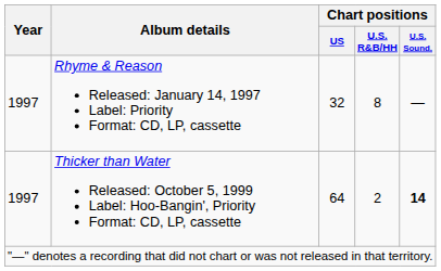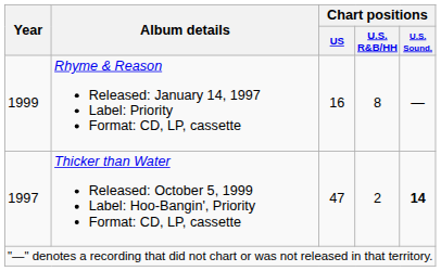 <table class="wikitable">
 <tr>
 <th rowspan="2">Year</th>
 <th rowspan="2">Album details</th>
 <th colspan="3">Chart positions</th>
 </tr>
 <tr>
 <th style="width:3em;font-size:75%"><a href='#'>US</a><br></th>
 <th style="width:3em;font-size:75%"><a href='#'>U.S.<br>R&B/HH</a><br></th>
 <th style="width:3em;font-size:75%"><small><a href='#'>U.S.<br>Sound.</a></small><br></th>
 </tr>
 <tr>
-<td>1997</td>
+<td>1999</td>
 <td><em><a href='#'>Rhyme & Reason</a></em><br><ul><li>Released: January 14, 1997</li><li>Label: Priority</li><li>Format: CD, LP, cassette</li></ul></td>
-<td align="center">32</td>
+<td align="center">16</td>
 <td align="center">8</td>
 <td align="center">—</td>
 </tr>
 <tr>
 <td>1997</td>
 <td><em><a href='#'>Thicker than Water</a></em><br><ul><li>Released: October 5, 1999</li><li>Label: Hoo-Bangin', Priority</li><li>Format: CD, LP, cassette</li></ul></td>
-<td align="center">64</td>
+<td align="center">47</td>
 <td align="center">2</td>
 <td align="center"><strong>14</strong></td>
 </tr>
 <tr>
 <td colspan="8" style="font-size:90%; text-align:center">"—" denotes a recording that did not chart or was not released in that territory.</td>
 </tr>
 </table>
